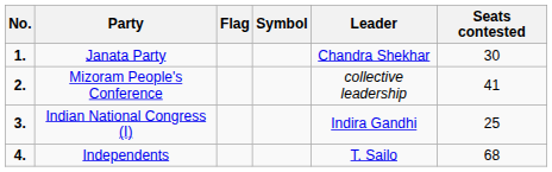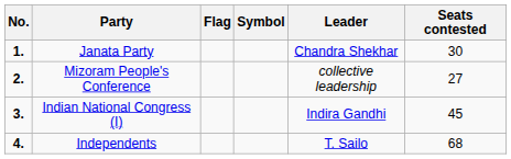 <table class="wikitable">
 <tr>
 <th>No.</th>
 <th>Party</th>
 <th>Flag</th>
 <th>Symbol</th>
 <th>Leader</th>
 <th>Seats contested</th>
 </tr>
 <tr>
 <td ! style="text-align:center; background:"><strong>1.</strong></td>
 <td style="text-align:center"><a href='#'>Janata Party</a></td>
 <td></td>
 <td></td>
 <td style="text-align:center"><a href='#'>Chandra Shekhar</a></td>
 <td style="text-align:center">30</td>
 </tr>
 <tr>
 <td ! style="text-align:center; background:"><strong>2.</strong></td>
 <td style="text-align:center"><a href='#'>Mizoram People's Conference</a></td>
 <td></td>
 <td></td>
 <td style="text-align:center"><em>collective leadership</em></td>
-<td style="text-align:center">41</td>
+<td style="text-align:center">27</td>
 </tr>
 <tr>
 <td ! style="text-align:center; background:"><strong>3.</strong></td>
 <td style="text-align:center"><a href='#'>Indian National Congress (I)</a></td>
 <td></td>
 <td></td>
 <td style="text-align:center"><a href='#'>Indira Gandhi</a></td>
-<td style="text-align:center">25</td>
+<td style="text-align:center">45</td>
 </tr>
 <tr>
 <td ! style="text-align:center; background:"><strong>4.</strong></td>
 <td style="text-align:center"><a href='#'>Independents</a></td>
 <td></td>
 <td></td>
 <td style="text-align:center"><a href='#'>T. Sailo</a></td>
 <td style="text-align:center">68</td>
 </tr>
 </table>
